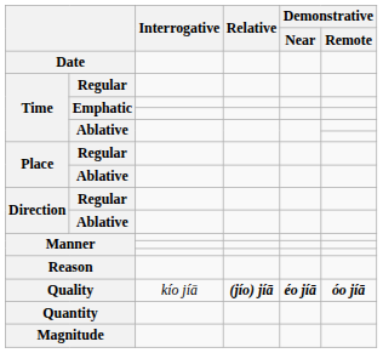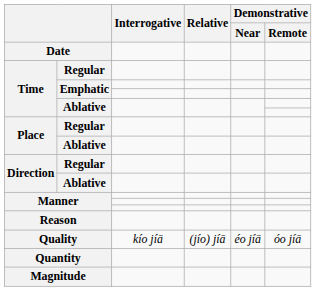 <table class="wikitable" style="text-align:center">
 <tr>
 <th rowspan="2" colspan="2"></th>
 <th rowspan="2">Interrogative</th>
 <th rowspan="2">Relative</th>
 <th colspan="2">Demonstrative</th>
 </tr>
 <tr>
 <th>Near</th>
 <th>Remote</th>
 </tr>
 <tr>
 <th rowspan="1" colspan="2">Date</th>
 <td></td>
 <td></td>
 <td></td>
 <td></td>
 </tr>
 <tr>
 <th rowspan="5">Time</th>
 <th rowspan="1">Regular</th>
 <td></td>
 <td></td>
 <td></td>
 <td></td>
 </tr>
 <tr>
 <th rowspan="2">Emphatic</th>
 <td></td>
 <td></td>
 <td></td>
 <td></td>
 </tr>
 <tr>
 <td></td>
 <td></td>
 <td></td>
 <td></td>
 </tr>
 <tr>
 <th rowspan="2">Ablative</th>
 <td rowspan="2"></td>
 <td rowspan="2"></td>
 <td rowspan="2"></td>
 <td></td>
 </tr>
 <tr>
 <td></td>
 </tr>
 <tr>
 <th rowspan="2" colspan="1">Place</th>
 <th rowspan="1">Regular</th>
 <td></td>
 <td></td>
 <td></td>
 <td></td>
 </tr>
 <tr>
 <th rowspan="1">Ablative</th>
 <td></td>
 <td></td>
 <td></td>
 <td></td>
 </tr>
 <tr>
 <th rowspan="2" colspan="1">Direction</th>
 <th rowspan="1">Regular</th>
 <td></td>
 <td></td>
 <td></td>
 <td></td>
 </tr>
 <tr>
 <th rowspan="1">Ablative</th>
 <td></td>
 <td></td>
 <td></td>
 <td></td>
 </tr>
 <tr>
 <th rowspan="3" colspan="2">Manner</th>
 <td></td>
 <td></td>
 <td></td>
 <td></td>
 </tr>
 <tr>
 <td></td>
 <td></td>
 <td></td>
 <td></td>
 </tr>
 <tr>
 <td></td>
 <td></td>
 <td></td>
 <td></td>
 </tr>
 <tr>
 <th rowspan="1" colspan="2">Reason</th>
 <td></td>
 <td></td>
 <td></td>
 <td></td>
 </tr>
 <tr>
 <th colspan="2">Quality</th>
 <td><em>kío jíā</em></td>
-<td><strong><em>(jío) jíā</em></strong></td>
-<td><strong><em>éo jíā</em></strong></td>
-<td><strong><em>óo jíā</em></strong></td>
+<td><em>(jío) jíā</em></td>
+<td><em>éo jíā</em></td>
+<td><em>óo jíā</em></td>
 </tr>
 <tr>
 <th colspan="2">Quantity</th>
 <td></td>
 <td></td>
 <td></td>
 <td></td>
 </tr>
 <tr>
 <th rowspan="1" colspan="2">Magnitude</th>
 <td rowspan="1"></td>
 <td rowspan="1"></td>
 <td></td>
 <td></td>
 </tr>
 </table>
